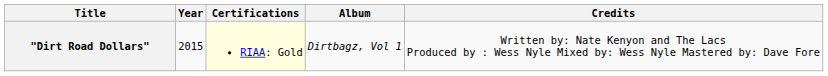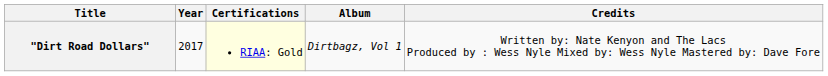 <table class="wikitable plainrowheaders" style="text-align:center;">
 <tr>
 <th scope="col" style="width:16em;">Title</th>
 <th scope="col">Year</th>
 <th scope="col">Certifications</th>
 <th scope="col">Album</th>
 <th>Credits</th>
 </tr>
 <tr>
 <th scope="row">"Dirt Road Dollars"<br></th>
-<td>2015</td>
+<td>2017</td>
 <td style="background: lightyellow;"><br><ul><li><a href='#'>RIAA</a>: Gold</li></ul></td>
 <td><em>Dirtbagz, Vol 1</em></td>
 <td>Written by: Nate Kenyon and The Lacs<br>Produced by : Wess Nyle Mixed by: Wess Nyle Mastered by: Dave Fore</td>
 </tr>
 </table>
